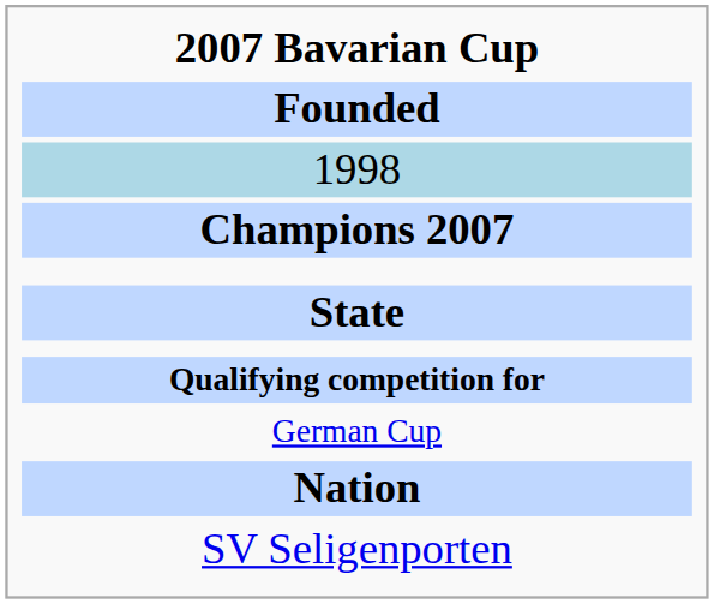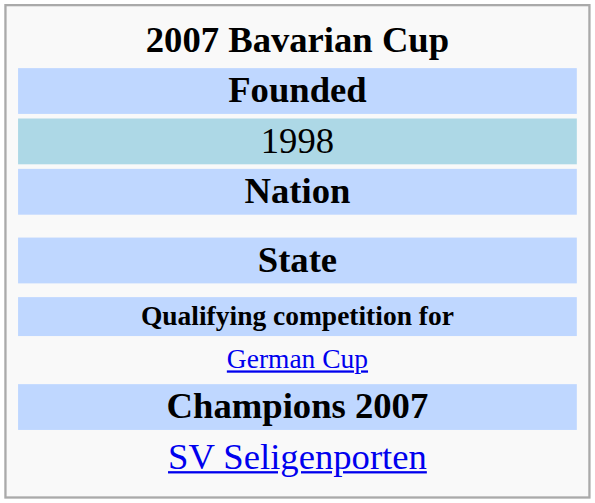 <table class="infobox football" style="width: 16em; text-align: center;">
 <tr>
 <th style="">2007 Bavarian Cup</th>
 </tr>
 <tr>
 <td style="background: #BFD7FF;"><strong>Founded</strong></td>
 </tr>
 <tr>
 <td style="background: lightblue; ">1998</td>
 </tr>
 <tr>
-<td style="background: #BFD7FF;"><strong>Champions 2007</strong></td>
+<td style="background: #BFD7FF;"><strong>Nation</strong></td>
 </tr>
 <tr>
 <td style=""></td>
 </tr>
 <tr>
 <td style="line-height: 15px;"></td>
 </tr>
 <tr>
 <td style="background: #BFD7FF;"><strong>State</strong></td>
 </tr>
 <tr>
 <td style=""></td>
 </tr>
 <tr>
 <td style="font-size: 12px; background: #BFD7FF;"><strong>Qualifying competition for</strong></td>
 </tr>
 <tr>
 <td style="font-size: 12px;"><a href='#'>German Cup</a></td>
 </tr>
 <tr>
-<td style="background: #BFD7FF;"><strong>Nation</strong></td>
+<td style="background: #BFD7FF;"><strong>Champions 2007</strong></td>
 </tr>
 <tr>
 <td style=""><a href='#'>SV Seligenporten</a></td>
 </tr>
 <tr>
 </tr>
 </table>
